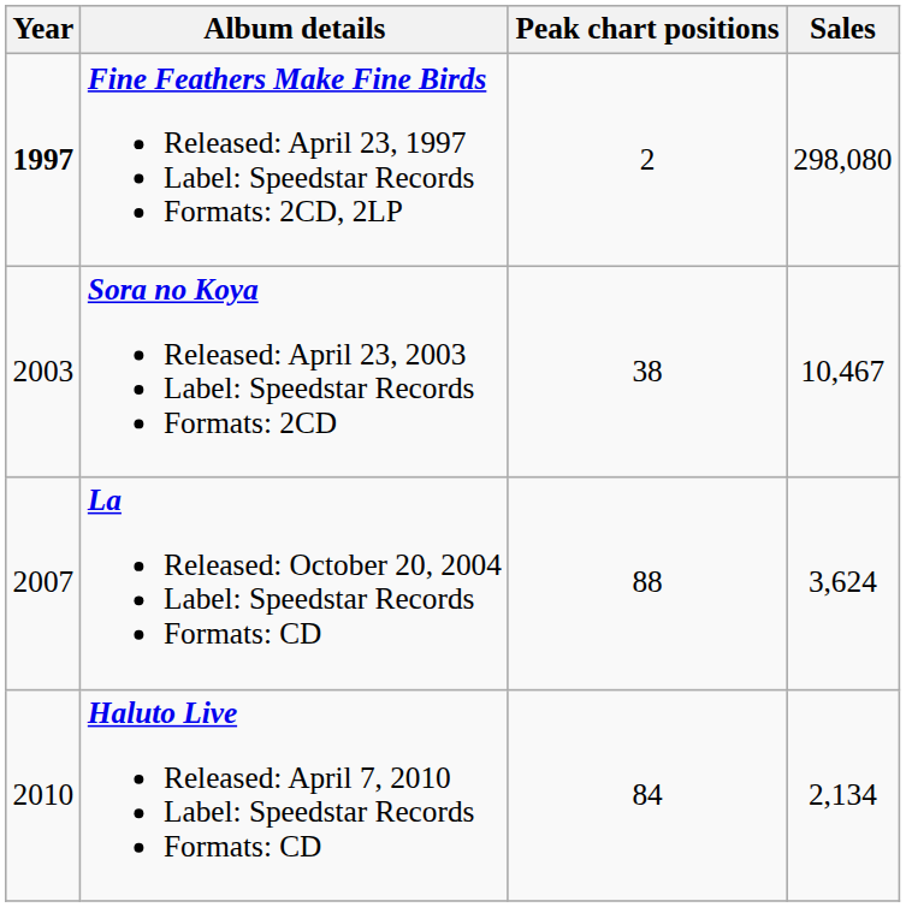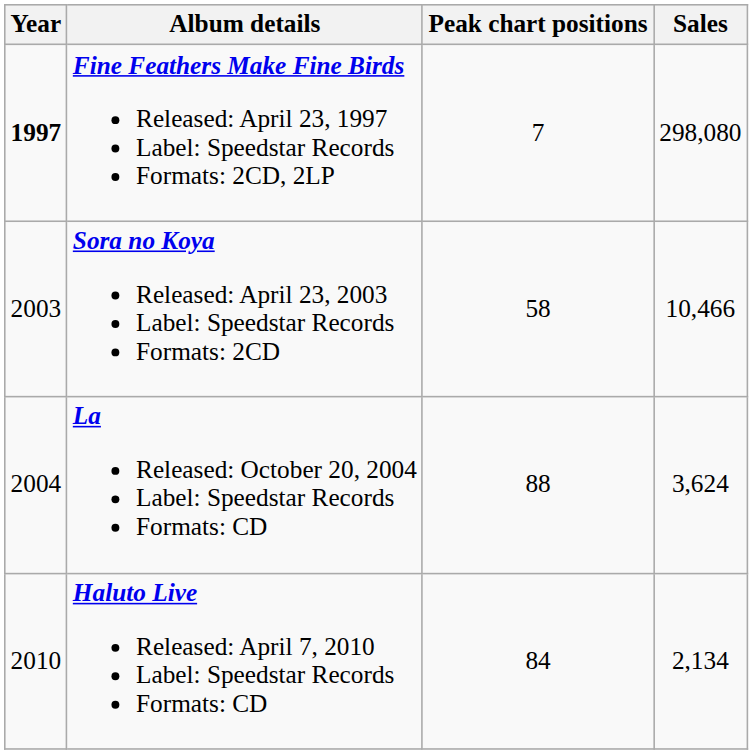 <table class="wikitable">
 <tr>
 <th>Year</th>
 <th>Album details</th>
 <th>Peak chart positions</th>
 <th>Sales</th>
 </tr>
 <tr>
 <td align="center"><strong>1997</strong></td>
 <td><strong><em><a href='#'>Fine Feathers Make Fine Birds</a></em></strong><br><ul><li>Released: April 23, 1997</li><li>Label: Speedstar Records</li><li>Formats: 2CD, 2LP</li></ul></td>
-<td align="center">2</td>
+<td align="center">7</td>
 <td align="center">298,080</td>
 </tr>
 <tr>
 <td align="center">2003</td>
 <td><strong><em><a href='#'>Sora no Koya</a></em></strong><br><ul><li>Released: April 23, 2003</li><li>Label: Speedstar Records</li><li>Formats: 2CD</li></ul></td>
-<td align="center">38</td>
-<td align="center">10,467</td>
+<td align="center">58</td>
+<td align="center">10,466</td>
 </tr>
 <tr>
-<td align="center">2007</td>
+<td align="center">2004</td>
 <td><strong><em><a href='#'>La</a></em></strong><br><ul><li>Released: October 20, 2004</li><li>Label: Speedstar Records</li><li>Formats: CD</li></ul></td>
 <td align="center">88</td>
 <td align="center">3,624</td>
 </tr>
 <tr>
 <td align="center">2010</td>
 <td><strong><em><a href='#'>Haluto Live</a></em></strong><br><ul><li>Released: April 7, 2010</li><li>Label: Speedstar Records</li><li>Formats: CD</li></ul></td>
 <td align="center">84</td>
 <td align="center">2,134</td>
 </tr>
 </table>
